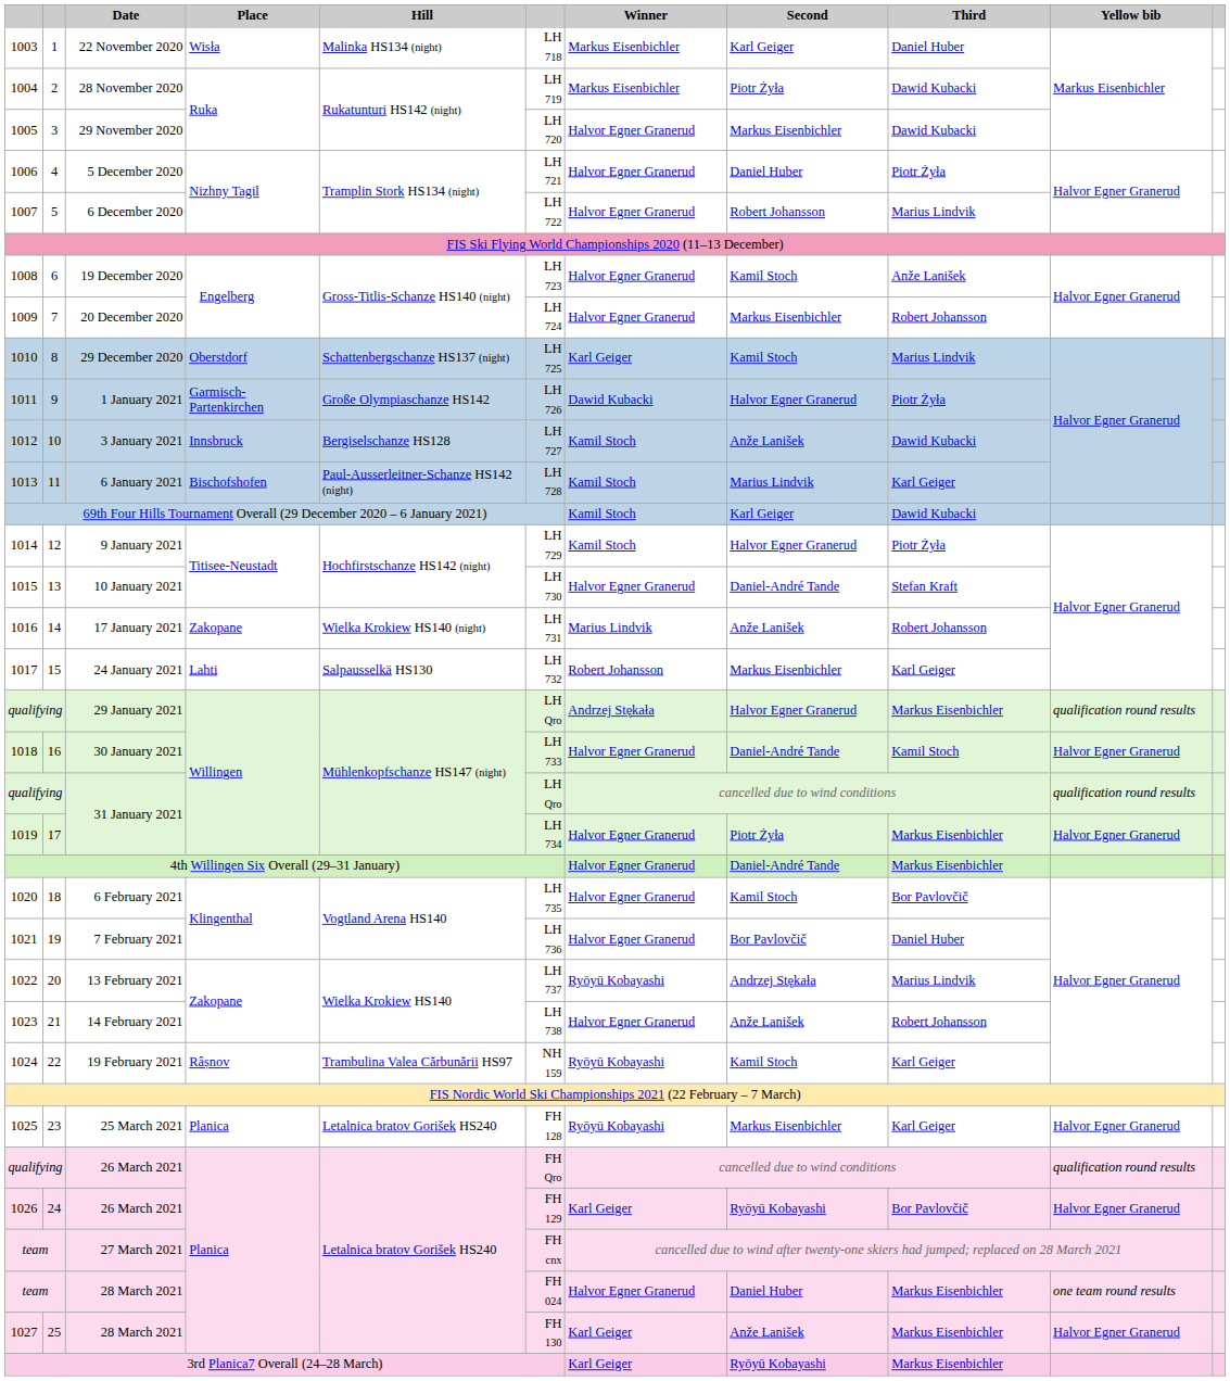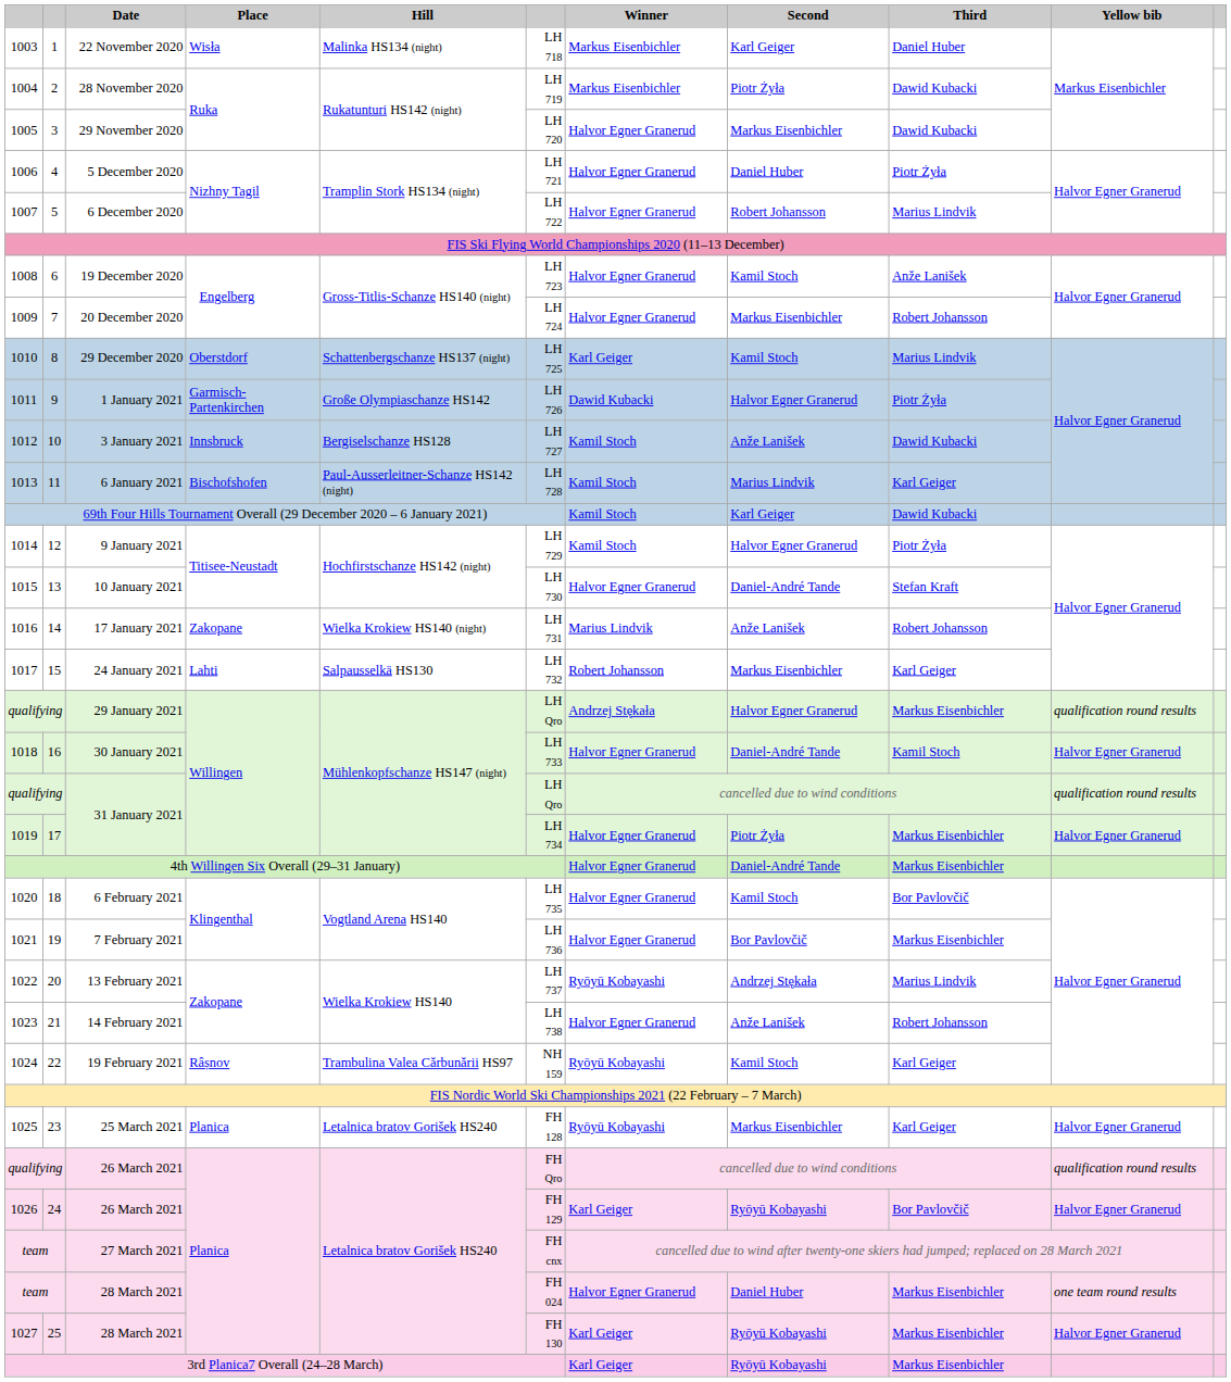 <table class="wikitable plainrowheaders" style="background:#fff; font-size:86%; line-height:16px; border:grey solid 1px; border-collapse:collapse;">
 <tr>
 <th scope="col" style="background:#ccc; width=30 px;"></th>
 <th scope="col" style="background:#ccc; width=45 px;"></th>
 <th scope="col" style="background:#ccc; width:140px;">Date</th>
 <th scope="col" style="background:#ccc; width:150px;">Place</th>
 <th scope="col" style="background:#ccc; width:240px;">Hill</th>
 <th scope="col" style="background:#ccc; width:40px;"></th>
 <th scope="col" style="background:#ccc; width:195px;">Winner</th>
 <th scope="col" style="background:#ccc; width:195px;">Second</th>
 <th scope="col" style="background:#ccc; width:195px;">Third</th>
 <th scope="col" style="background:#ccc; width:195px;">Yellow bib</th>
 <th scope="col" style="background:#ccc; width:10px;"></th>
 </tr>
 <tr>
 <td align="center">1003</td>
 <td align="center">1</td>
 <td align="right">22 November 2020</td>
 <td> <a href='#'>Wisła</a></td>
 <td><a href='#'>Malinka</a> HS134 <small>(night)</small></td>
 <td align="right">LH <sub>718</sub></td>
 <td> <a href='#'>Markus Eisenbichler</a></td>
 <td> <a href='#'>Karl Geiger</a></td>
 <td> <a href='#'>Daniel Huber</a></td>
 <td rowspan="3"> <a href='#'>Markus Eisenbichler</a></td>
 <td></td>
 </tr>
 <tr>
 <td align="center">1004</td>
 <td align="center">2</td>
 <td align="right">28 November 2020</td>
 <td rowspan="2"> <a href='#'>Ruka</a></td>
 <td rowspan="2"><a href='#'>Rukatunturi</a> HS142 <small>(night)</small></td>
 <td align="right">LH <sub>719</sub></td>
 <td> <a href='#'>Markus Eisenbichler</a></td>
 <td> <a href='#'>Piotr Żyła</a></td>
 <td> <a href='#'>Dawid Kubacki</a></td>
 <td></td>
 </tr>
 <tr>
 <td align="center">1005</td>
 <td align="center">3</td>
 <td align="right">29 November 2020</td>
 <td align="right">LH <sub>720</sub></td>
 <td> <a href='#'>Halvor Egner Granerud</a></td>
 <td> <a href='#'>Markus Eisenbichler</a></td>
 <td> <a href='#'>Dawid Kubacki</a></td>
 <td></td>
 </tr>
 <tr>
 <td align="center">1006</td>
 <td align="center">4</td>
 <td align="right">5 December 2020</td>
 <td rowspan="2"> <a href='#'>Nizhny Tagil</a></td>
 <td rowspan="2"><a href='#'>Tramplin Stork</a> HS134 <small>(night)</small></td>
 <td align="right">LH <sub>721</sub></td>
 <td> <a href='#'>Halvor Egner Granerud</a></td>
 <td> <a href='#'>Daniel Huber</a></td>
 <td> <a href='#'>Piotr Żyła</a></td>
 <td rowspan=2> <a href='#'>Halvor Egner Granerud</a></td>
 <td></td>
 </tr>
 <tr>
 <td align="center">1007</td>
 <td align="center">5</td>
 <td align="right">6 December 2020</td>
 <td align="right">LH <sub>722</sub></td>
 <td> <a href='#'>Halvor Egner Granerud</a></td>
 <td> <a href='#'>Robert Johansson</a></td>
 <td> <a href='#'>Marius Lindvik</a></td>
 <td></td>
 </tr>
 <tr style="background:#F19CBB">
 <td colspan="11" align="center"><a href='#'>FIS Ski Flying World Championships 2020</a> (11–13 December)</td>
 </tr>
 <tr>
 <td align="center">1008</td>
 <td align="center">6</td>
 <td align="right">19 December 2020</td>
 <td rowspan="2">   <a href='#'>Engelberg</a></td>
 <td rowspan="2"><a href='#'>Gross-Titlis-Schanze</a> HS140 <small>(night)</small></td>
 <td align="right">LH <sub>723</sub></td>
 <td> <a href='#'>Halvor Egner Granerud</a></td>
 <td> <a href='#'>Kamil Stoch</a></td>
 <td> <a href='#'>Anže Lanišek</a></td>
 <td rowspan="2"> <a href='#'>Halvor Egner Granerud</a></td>
 <td></td>
 </tr>
 <tr>
 <td align="center">1009</td>
 <td align="center">7</td>
 <td align="right">20 December 2020</td>
 <td align="right">LH <sub>724</sub></td>
 <td> <a href='#'>Halvor Egner Granerud</a></td>
 <td> <a href='#'>Markus Eisenbichler</a></td>
 <td> <a href='#'>Robert Johansson</a></td>
 <td></td>
 </tr>
 <tr bgcolor="#BCD4E6">
 <td align="center">1010</td>
 <td align="center">8</td>
 <td align="right">29 December 2020</td>
 <td> <a href='#'>Oberstdorf</a></td>
 <td><a href='#'>Schattenbergschanze</a> HS137 <small>(night)</small></td>
 <td align="right">LH <sub>725</sub></td>
 <td> <a href='#'>Karl Geiger</a></td>
 <td> <a href='#'>Kamil Stoch</a></td>
 <td> <a href='#'>Marius Lindvik</a></td>
 <td rowspan="4"> <a href='#'>Halvor Egner Granerud</a></td>
 <td></td>
 </tr>
 <tr bgcolor="#BCD4E6">
 <td align="center">1011</td>
 <td align="center">9</td>
 <td align="right">1 January 2021</td>
 <td> <a href='#'>Garmisch-Partenkirchen</a></td>
 <td><a href='#'>Große Olympiaschanze</a> HS142</td>
 <td align="right">LH <sub>726</sub></td>
 <td> <a href='#'>Dawid Kubacki</a></td>
 <td> <a href='#'>Halvor Egner Granerud</a></td>
 <td> <a href='#'>Piotr Żyła</a></td>
 <td></td>
 </tr>
 <tr bgcolor="#BCD4E6">
 <td align="center">1012</td>
 <td align="center">10</td>
 <td align="right">3 January 2021</td>
 <td> <a href='#'>Innsbruck</a></td>
 <td><a href='#'>Bergiselschanze</a> HS128</td>
 <td align="right">LH <sub>727</sub></td>
 <td> <a href='#'>Kamil Stoch</a></td>
 <td> <a href='#'>Anže Lanišek</a></td>
 <td> <a href='#'>Dawid Kubacki</a></td>
 <td></td>
 </tr>
 <tr bgcolor="#BCD4E6">
 <td align="center">1013</td>
 <td align="center">11</td>
 <td align="right">6 January 2021</td>
 <td> <a href='#'>Bischofshofen</a></td>
 <td><a href='#'>Paul-Ausserleitner-Schanze</a> HS142 <small>(night)</small></td>
 <td align="right">LH <sub>728</sub></td>
 <td> <a href='#'>Kamil Stoch</a></td>
 <td> <a href='#'>Marius Lindvik</a></td>
 <td> <a href='#'>Karl Geiger</a></td>
 <td></td>
 </tr>
 <tr bgcolor="#BCD4E6">
 <td colspan="6" align="center"><a href='#'>69th Four Hills Tournament</a> Overall (29 December 2020 – 6 January 2021)</td>
 <td> <a href='#'>Kamil Stoch</a></td>
 <td> <a href='#'>Karl Geiger</a></td>
 <td> <a href='#'>Dawid Kubacki</a></td>
 <td></td>
 <td></td>
 </tr>
 <tr>
 <td align="center">1014</td>
 <td align="center">12</td>
 <td align="right">9 January 2021</td>
 <td rowspan="2"> <a href='#'>Titisee-Neustadt</a></td>
 <td rowspan="2"><a href='#'>Hochfirstschanze</a> HS142 <small>(night)</small></td>
 <td align="right">LH <sub>729</sub></td>
 <td> <a href='#'>Kamil Stoch</a></td>
 <td> <a href='#'>Halvor Egner Granerud</a></td>
 <td> <a href='#'>Piotr Żyła</a></td>
 <td rowspan="4"> <a href='#'>Halvor Egner Granerud</a></td>
 <td></td>
 </tr>
 <tr>
 <td align="center">1015</td>
 <td align="center">13</td>
 <td align="right">10 January 2021</td>
 <td align="right">LH <sub>730</sub></td>
 <td> <a href='#'>Halvor Egner Granerud</a></td>
 <td> <a href='#'>Daniel-André Tande</a></td>
 <td> <a href='#'>Stefan Kraft</a></td>
 <td></td>
 </tr>
 <tr>
 <td align="center">1016</td>
 <td align="center">14</td>
 <td align="right">17 January 2021</td>
 <td> <a href='#'>Zakopane</a></td>
 <td><a href='#'>Wielka Krokiew</a> HS140 <small>(night)</small></td>
 <td align="right">LH <sub>731</sub></td>
 <td> <a href='#'>Marius Lindvik</a></td>
 <td> <a href='#'>Anže Lanišek</a></td>
 <td> <a href='#'>Robert Johansson</a></td>
 <td></td>
 </tr>
 <tr>
 <td align="center">1017</td>
 <td align="center">15</td>
 <td align="right">24 January 2021</td>
 <td> <a href='#'>Lahti</a></td>
 <td><a href='#'>Salpausselkä</a> HS130</td>
 <td align="right">LH <sub>732</sub></td>
 <td> <a href='#'>Robert Johansson</a></td>
 <td> <a href='#'>Markus Eisenbichler</a></td>
 <td> <a href='#'>Karl Geiger</a></td>
 <td></td>
 </tr>
 <tr bgcolor="#E1F5D7">
 <td colspan="2" align="center"><em>qualifying </em></td>
 <td align="right">29 January 2021</td>
 <td rowspan="4"> <a href='#'>Willingen</a></td>
 <td rowspan="4"><a href='#'>Mühlenkopfschanze</a> HS147 <small>(night)</small></td>
 <td align="right">LH <sub>Qro</sub></td>
 <td> <a href='#'>Andrzej Stękała</a></td>
 <td> <a href='#'>Halvor Egner Granerud</a></td>
 <td> <a href='#'>Markus Eisenbichler</a></td>
 <td><em>qualification round results</em></td>
 <td></td>
 </tr>
 <tr bgcolor="#E1F5D7">
 <td align="center">1018</td>
 <td align="center">16</td>
 <td align="right">30 January 2021</td>
 <td align="right">LH <sub>733</sub></td>
 <td> <a href='#'>Halvor Egner Granerud</a></td>
 <td> <a href='#'>Daniel-André Tande</a></td>
 <td> <a href='#'>Kamil Stoch</a></td>
 <td> <a href='#'>Halvor Egner Granerud</a></td>
 <td></td>
 </tr>
 <tr bgcolor="#E1F5D7">
 <td colspan="2" align="center"><em>qualifying </em></td>
 <td rowspan="2" align="right"><small></small>31 January 2021</td>
 <td align="right">LH <sub>Qro</sub></td>
 <td colspan="3" align=center style=color:#696969><em>cancelled due to wind conditions</em></td>
 <td><em>qualification round results</em></td>
 <td></td>
 </tr>
 <tr bgcolor="#E1F5D7">
 <td align="center">1019</td>
 <td align="center">17</td>
 <td align="right">LH <sub>734</sub></td>
 <td> <a href='#'>Halvor Egner Granerud</a></td>
 <td> <a href='#'>Piotr Żyła</a></td>
 <td> <a href='#'>Markus Eisenbichler</a></td>
 <td> <a href='#'>Halvor Egner Granerud</a></td>
 <td></td>
 </tr>
 <tr bgcolor="#D0F0C0">
 <td colspan="6" align="center">4th <a href='#'>Willingen Six</a> Overall (29–31 January)</td>
 <td> <a href='#'>Halvor Egner Granerud</a></td>
 <td> <a href='#'>Daniel-André Tande</a></td>
 <td> <a href='#'>Markus Eisenbichler</a></td>
 <td></td>
 <td></td>
 </tr>
 <tr>
 <td align="center">1020</td>
 <td align="center">18</td>
 <td align="right"><small></small>6 February 2021</td>
 <td rowspan="2"> <a href='#'>Klingenthal</a></td>
 <td rowspan="2"><a href='#'>Vogtland Arena</a> HS140</td>
 <td align="right">LH <sub>735</sub></td>
 <td> <a href='#'>Halvor Egner Granerud</a></td>
 <td> <a href='#'>Kamil Stoch</a></td>
 <td> <a href='#'>Bor Pavlovčič</a></td>
 <td rowspan="5"> <a href='#'>Halvor Egner Granerud</a></td>
 <td></td>
 </tr>
 <tr>
 <td align="center">1021</td>
 <td align="center">19</td>
 <td align="right"><small></small>7 February 2021</td>
 <td align="right">LH <sub>736</sub></td>
 <td> <a href='#'>Halvor Egner Granerud</a></td>
 <td> <a href='#'>Bor Pavlovčič</a></td>
-<td> <a href='#'>Daniel Huber</a></td>
+<td> <a href='#'>Markus Eisenbichler</a></td>
 <td></td>
 </tr>
 <tr>
 <td align="center">1022</td>
 <td align="center">20</td>
 <td align="right"><small></small>13 February 2021</td>
 <td rowspan="2"> <a href='#'>Zakopane</a></td>
 <td rowspan="2"><a href='#'>Wielka Krokiew</a> HS140</td>
 <td align="right">LH <sub>737</sub></td>
 <td> <a href='#'>Ryōyū Kobayashi</a></td>
 <td> <a href='#'>Andrzej Stękała</a></td>
 <td> <a href='#'>Marius Lindvik</a></td>
 <td></td>
 </tr>
 <tr>
 <td align="center">1023</td>
 <td align="center">21</td>
 <td align="right"><small></small>14 February 2021</td>
 <td align="right">LH <sub>738</sub></td>
 <td> <a href='#'>Halvor Egner Granerud</a></td>
 <td> <a href='#'>Anže Lanišek</a></td>
 <td> <a href='#'>Robert Johansson</a></td>
 <td></td>
 </tr>
 <tr>
 <td align="center">1024</td>
 <td align="center">22</td>
 <td align="right">19 February 2021</td>
 <td> <a href='#'>Râșnov</a></td>
 <td><a href='#'>Trambulina Valea Cărbunării</a> HS97</td>
 <td align="right">NH <sub>159</sub></td>
 <td> <a href='#'>Ryōyū Kobayashi</a></td>
 <td> <a href='#'>Kamil Stoch</a></td>
 <td> <a href='#'>Karl Geiger</a></td>
 <td></td>
 </tr>
 <tr style="background:#FFEBAD">
 <td colspan=11 align=center><a href='#'>FIS Nordic World Ski Championships 2021</a> (22 February – 7 March)</td>
 </tr>
 <tr>
 <td align="center">1025</td>
 <td align="center">23</td>
 <td align="right"><small></small> 25 March 2021</td>
 <td> <a href='#'>Planica</a></td>
 <td><a href='#'>Letalnica bratov Gorišek</a> HS240</td>
 <td align="right">FH <sub>128</sub></td>
 <td> <a href='#'>Ryōyū Kobayashi</a></td>
 <td> <a href='#'>Markus Eisenbichler</a></td>
 <td> <a href='#'>Karl Geiger</a></td>
 <td> <a href='#'>Halvor Egner Granerud</a></td>
 <td></td>
 </tr>
 <tr bgcolor=#fcdbee>
 <td colspan=2 align=center><em>qualifying</em></td>
 <td align="right">26 March 2021</td>
 <td rowspan="5"> <a href='#'>Planica</a></td>
 <td rowspan="5"><a href='#'>Letalnica bratov Gorišek</a> HS240</td>
 <td align=right>FH <sub>Qro</sub></td>
 <td colspan="3" align=center style=color:#696969><em>cancelled due to wind conditions</em></td>
 <td><em>qualification round results</em></td>
 <td></td>
 </tr>
 <tr bgcolor="#fcdbee">
 <td align="center">1026</td>
 <td align="center">24</td>
 <td align="right"><small></small>26 March 2021</td>
 <td align="right">FH <sub>129</sub></td>
 <td> <a href='#'>Karl Geiger</a></td>
 <td> <a href='#'>Ryōyū Kobayashi</a></td>
 <td> <a href='#'>Bor Pavlovčič</a></td>
 <td> <a href='#'>Halvor Egner Granerud</a></td>
 <td></td>
 </tr>
 <tr bgcolor="#fcdbee">
 <td colspan="2" align="center"><em>team</em></td>
 <td align="right">27 March 2021</td>
 <td align="right">FH <sub>cnx</sub></td>
 <td colspan="4" align=center style=color:#696969><em>cancelled due to wind after twenty-one skiers had jumped; replaced on 28 March 2021</em></td>
 <td></td>
 </tr>
 <tr bgcolor="#fcdbee">
 <td colspan="2" align="center"><em>team</em></td>
 <td align="right"><small></small>28 March 2021</td>
 <td align="right">FH <sub>024</sub></td>
 <td> <a href='#'>Halvor Egner Granerud</a></td>
 <td> <a href='#'>Daniel Huber</a></td>
 <td> <a href='#'>Markus Eisenbichler</a></td>
 <td><em>one team round results</em></td>
 <td></td>
 </tr>
 <tr bgcolor="#fcdbee">
 <td align="center">1027</td>
 <td align="center">25</td>
 <td align="right">28 March 2021</td>
 <td align="right">FH <sub>130</sub></td>
 <td> <a href='#'>Karl Geiger</a></td>
-<td> <a href='#'>Anže Lanišek</a></td>
+<td> <a href='#'>Ryōyū Kobayashi</a></td>
 <td> <a href='#'>Markus Eisenbichler</a></td>
 <td> <a href='#'>Halvor Egner Granerud</a></td>
 <td></td>
 </tr>
 <tr bgcolor="#FBCCE7">
 <td colspan="6" align="center">3rd <a href='#'>Planica7</a> Overall (24–28 March)</td>
 <td> <a href='#'>Karl Geiger</a></td>
 <td> <a href='#'>Ryōyū Kobayashi</a></td>
 <td> <a href='#'>Markus Eisenbichler</a></td>
 <td></td>
 <td></td>
 </tr>
 </table>
